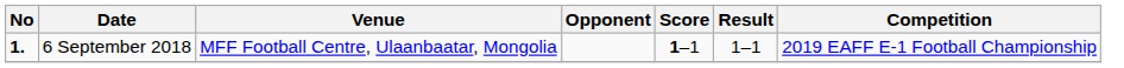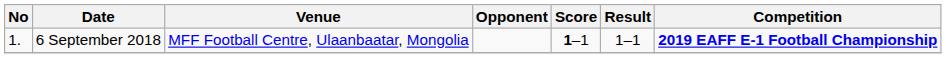 <table class="wikitable" style="font-size:85%;">
 <tr>
 <th>No</th>
 <th>Date</th>
 <th>Venue</th>
 <th>Opponent</th>
 <th>Score</th>
 <th>Result</th>
 <th>Competition</th>
 </tr>
 <tr>
-<td><strong>1.</strong></td>
+<td>1.</td>
 <td>6 September 2018</td>
 <td><a href='#'>MFF Football Centre</a>, <a href='#'>Ulaanbaatar</a>, <a href='#'>Mongolia</a></td>
 <td></td>
 <td align=center><strong>1</strong>–1</td>
 <td align=center>1–1</td>
-<td><a href='#'>2019 EAFF E-1 Football Championship</a></td>
+<td><strong><a href='#'>2019 EAFF E-1 Football Championship</a></strong></td>
 </tr>
 <tr>
 </tr>
 </table>
